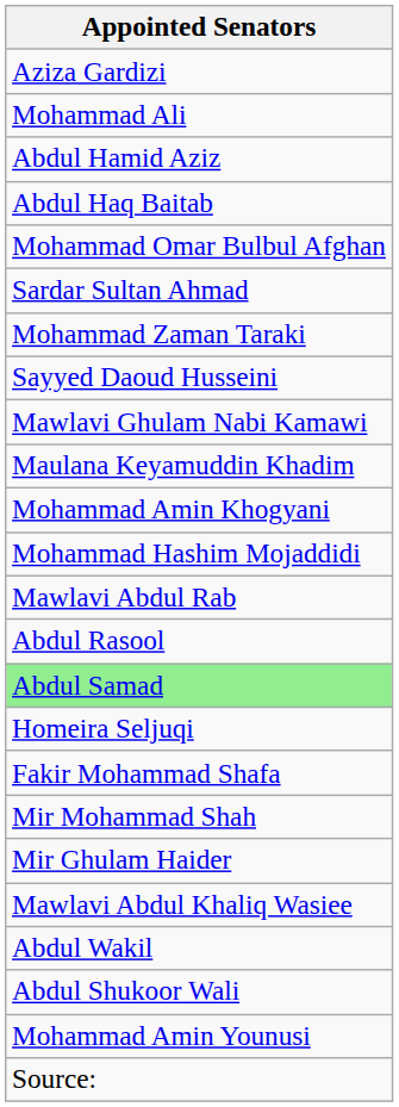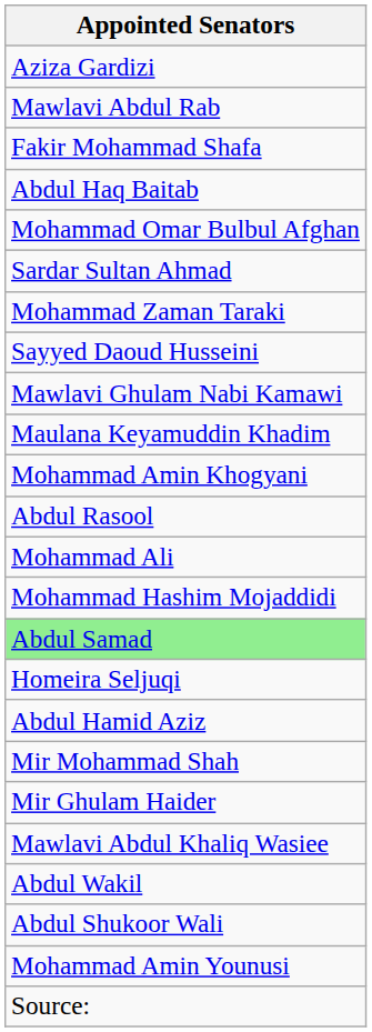 <table class=wikitable>
 <tr>
 <th>Appointed Senators</th>
 </tr>
 <tr>
 <td><a href='#'>Aziza Gardizi</a></td>
 </tr>
 <tr>
-<td><a href='#'>Mohammad Ali</a></td>
+<td><a href='#'>Mawlavi Abdul Rab</a></td>
 </tr>
 <tr>
-<td><a href='#'>Abdul Hamid Aziz</a></td>
+<td><a href='#'>Fakir Mohammad Shafa</a></td>
 </tr>
 <tr>
 <td><a href='#'>Abdul Haq Baitab</a></td>
 </tr>
 <tr>
 <td><a href='#'>Mohammad Omar Bulbul Afghan</a></td>
 </tr>
 <tr>
 <td><a href='#'>Sardar Sultan Ahmad</a></td>
 </tr>
 <tr>
 <td><a href='#'>Mohammad Zaman Taraki</a></td>
 </tr>
 <tr>
 <td><a href='#'>Sayyed Daoud Husseini</a></td>
 </tr>
 <tr>
 <td><a href='#'>Mawlavi Ghulam Nabi Kamawi</a></td>
 </tr>
 <tr>
 <td><a href='#'>Maulana Keyamuddin Khadim</a></td>
 </tr>
 <tr>
 <td><a href='#'>Mohammad Amin Khogyani</a></td>
 </tr>
 <tr>
-<td><a href='#'>Mohammad Hashim Mojaddidi</a></td>
+<td><a href='#'>Abdul Rasool</a></td>
 </tr>
 <tr>
-<td><a href='#'>Mawlavi Abdul Rab</a></td>
+<td><a href='#'>Mohammad Ali</a></td>
 </tr>
 <tr>
-<td><a href='#'>Abdul Rasool</a></td>
+<td><a href='#'>Mohammad Hashim Mojaddidi</a></td>
 </tr>
 <tr>
 <td style="background: lightgreen;"><a href='#'>Abdul Samad</a></td>
 </tr>
 <tr>
 <td><a href='#'>Homeira Seljuqi</a></td>
 </tr>
 <tr>
-<td><a href='#'>Fakir Mohammad Shafa</a></td>
+<td><a href='#'>Abdul Hamid Aziz</a></td>
 </tr>
 <tr>
 <td><a href='#'>Mir Mohammad Shah</a></td>
 </tr>
 <tr>
 <td><a href='#'>Mir Ghulam Haider</a></td>
 </tr>
 <tr>
 <td><a href='#'>Mawlavi Abdul Khaliq Wasiee</a></td>
 </tr>
 <tr>
 <td><a href='#'>Abdul Wakil</a></td>
 </tr>
 <tr>
 <td><a href='#'>Abdul Shukoor Wali</a></td>
 </tr>
 <tr>
 <td><a href='#'>Mohammad Amin Younusi</a></td>
 </tr>
 <tr>
 <td>Source: </td>
 </tr>
 </table>
